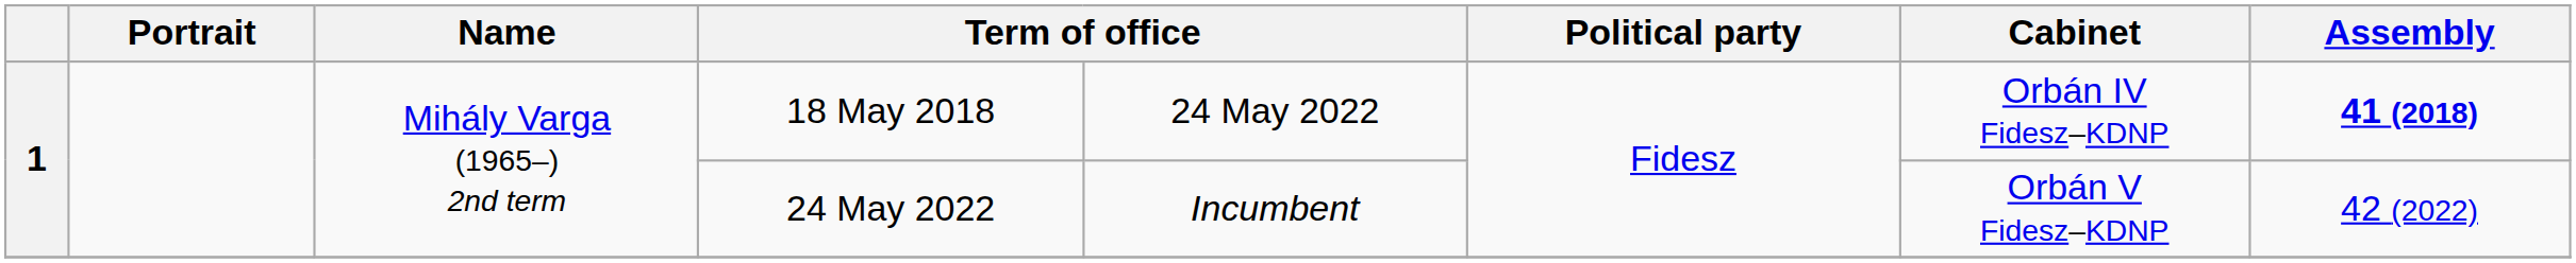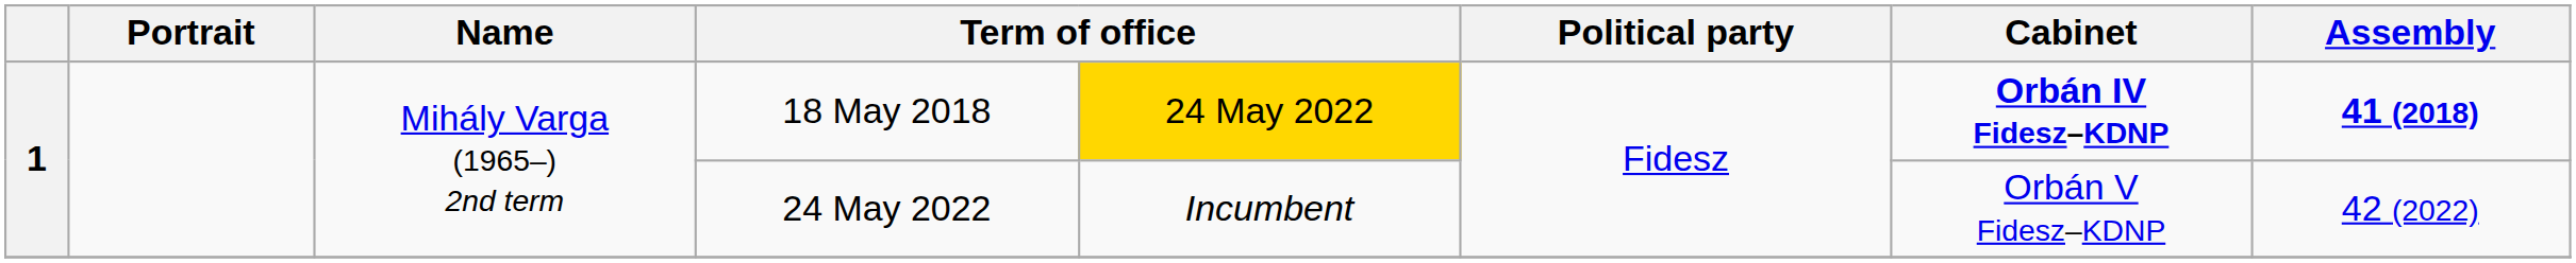 <table class="wikitable" style="width:90%; text-align:center;">
 <tr>
 <th></th>
 <th>Portrait</th>
 <th>Name<br></th>
 <th colspan=2>Term of office</th>
 <th>Political party</th>
 <th>Cabinet</th>
 <th><a href='#'>Assembly</a><br></th>
 </tr>
 <tr>
 <th rowspan="2" style="background:">1</th>
 <td rowspan="2"></td>
 <td rowspan="2"><a href='#'>Mihály Varga</a><br><small>(1965–)<br><em>2nd term</em></small></td>
 <td>18 May 2018</td>
-<td>24 May 2022</td>
+<td style="background: gold;">24 May 2022</td>
 <td rowspan="2"><a href='#'>Fidesz</a></td>
-<td><a href='#'>Orbán IV</a><br><small><a href='#'>Fidesz</a>–<a href='#'>KDNP</a></small></td>
+<td><strong><a href='#'>Orbán IV</a><br><small><a href='#'>Fidesz</a>–<a href='#'>KDNP</a></small></strong></td>
 <td><strong><a href='#'>41 <small>(2018)</small></a></strong></td>
 </tr>
 <tr>
 <td>24 May 2022</td>
 <td><em>Incumbent</em></td>
 <td><a href='#'>Orbán V</a><br><small><a href='#'>Fidesz</a>–<a href='#'>KDNP</a></small></td>
 <td><a href='#'>42 <small>(2022)</small></a></td>
 </tr>
 <tr>
 </tr>
 </table>
